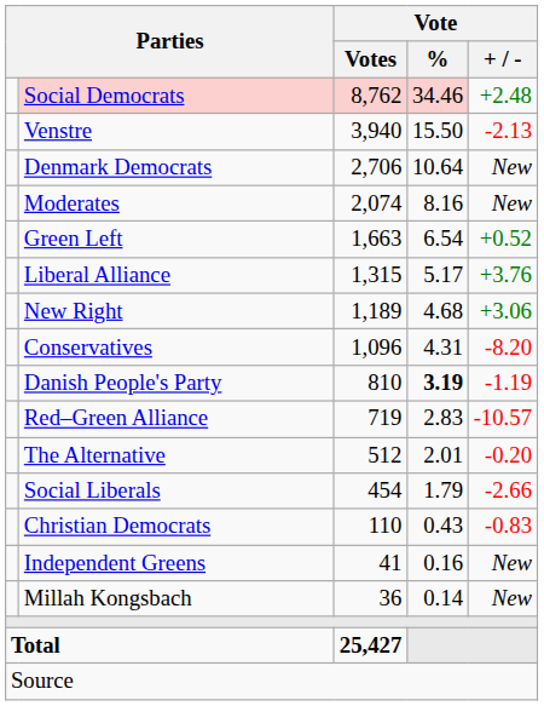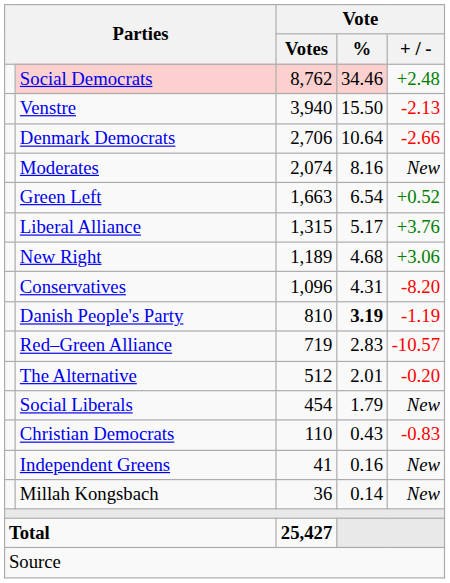 <table class="wikitable" style="text-align:right;">
 <tr>
 <th style="text-align:centre;" rowspan="2" colspan="2" width="225">Parties</th>
 <th colspan="3">Vote</th>
 </tr>
 <tr>
 <th width="15">Votes</th>
 <th width="15">%</th>
 <th width="15">+ / -</th>
 </tr>
 <tr>
 <td width="2" style="color:inherit;background:"></td>
 <td bgcolor=#fbd0ce  align="left"><a href='#'>Social Democrats</a></td>
 <td bgcolor=#fbd0ce>8,762</td>
 <td bgcolor=#fbd0ce>34.46</td>
 <td style=color:green;>+2.48</td>
 </tr>
 <tr>
 <td width="2" style="color:inherit;background:"></td>
 <td align="left"><a href='#'>Venstre</a></td>
 <td>3,940</td>
 <td>15.50</td>
 <td style=color:red;>-2.13</td>
 </tr>
 <tr>
 <td width="2" style="color:inherit;background:"></td>
 <td align="left"><a href='#'>Denmark Democrats</a></td>
 <td>2,706</td>
 <td>10.64</td>
-<td><em>New</em></td>
+<td style=color:red;>-2.66</td>
 </tr>
 <tr>
 <td width="2" style="color:inherit;background:"></td>
 <td align="left"><a href='#'>Moderates</a></td>
 <td>2,074</td>
 <td>8.16</td>
 <td><em>New</em></td>
 </tr>
 <tr>
 <td width="2" style="color:inherit;background:"></td>
 <td align="left"><a href='#'>Green Left</a></td>
 <td>1,663</td>
 <td>6.54</td>
 <td style=color:green;>+0.52</td>
 </tr>
 <tr>
 <td width="2" style="color:inherit;background:"></td>
 <td align="left"><a href='#'>Liberal Alliance</a></td>
 <td>1,315</td>
 <td>5.17</td>
 <td style=color:green;>+3.76</td>
 </tr>
 <tr>
 <td width="2" style="color:inherit;background:"></td>
 <td align="left"><a href='#'>New Right</a></td>
 <td>1,189</td>
 <td>4.68</td>
 <td style=color:green;>+3.06</td>
 </tr>
 <tr>
 <td width="2" style="color:inherit;background:"></td>
 <td align="left"><a href='#'>Conservatives</a></td>
 <td>1,096</td>
 <td>4.31</td>
 <td style=color:red;>-8.20</td>
 </tr>
 <tr>
 <td width="2" style="color:inherit;background:"></td>
 <td align="left"><a href='#'>Danish People's Party</a></td>
 <td>810</td>
 <td><strong>3.19</strong></td>
 <td style=color:red;>-1.19</td>
 </tr>
 <tr>
 <td width="2" style="color:inherit;background:"></td>
 <td align="left"><a href='#'>Red–Green Alliance</a></td>
 <td>719</td>
 <td>2.83</td>
 <td style=color:red;>-10.57</td>
 </tr>
 <tr>
 <td width="2" style="color:inherit;background:"></td>
 <td align="left"><a href='#'>The Alternative</a></td>
 <td>512</td>
 <td>2.01</td>
 <td style=color:red;>-0.20</td>
 </tr>
 <tr>
 <td width="2" style="color:inherit;background:"></td>
 <td align="left"><a href='#'>Social Liberals</a></td>
 <td>454</td>
 <td>1.79</td>
-<td style=color:red;>-2.66</td>
+<td><em>New</em></td>
 </tr>
 <tr>
 <td width="2" style="color:inherit;background:"></td>
 <td align="left"><a href='#'>Christian Democrats</a></td>
 <td>110</td>
 <td>0.43</td>
 <td style=color:red;>-0.83</td>
 </tr>
 <tr>
 <td width="2" style="color:inherit;background:"></td>
 <td align="left"><a href='#'>Independent Greens</a></td>
 <td>41</td>
 <td>0.16</td>
 <td><em>New</em></td>
 </tr>
 <tr>
 <td width="2" style="color:inherit;background:"></td>
 <td align="left">Millah Kongsbach</td>
 <td>36</td>
 <td>0.14</td>
 <td><em>New</em></td>
 </tr>
 <tr>
 <td colspan="7" bgcolor="#E9E9E9"></td>
 </tr>
 <tr>
 <td align="left" colspan="2"><strong>Total</strong></td>
 <td><strong>25,427</strong></td>
 <td bgcolor="#E9E9E9" colspan="2"></td>
 </tr>
 <tr>
 <td align="left" colspan="6">Source</td>
 </tr>
 </table>
